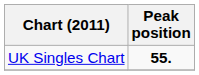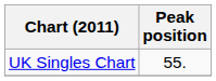 <table class="wikitable">
 <tr>
 <th>Chart (2011)</th>
 <th>Peak<br>position</th>
 </tr>
 <tr>
 <td><a href='#'>UK Singles Chart</a></td>
-<td style="text-align:center;"><strong>55.</strong></td>
+<td style="text-align:center;">55.</td>
 </tr>
 <tr>
 </tr>
 </table>
